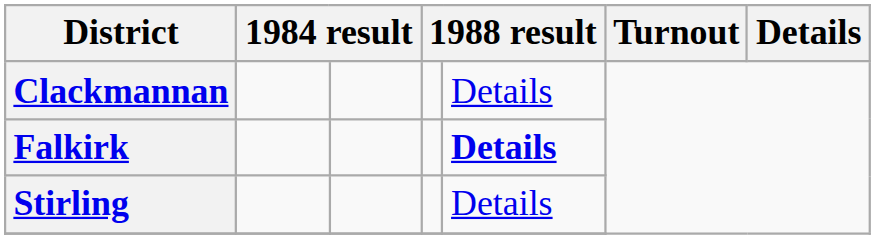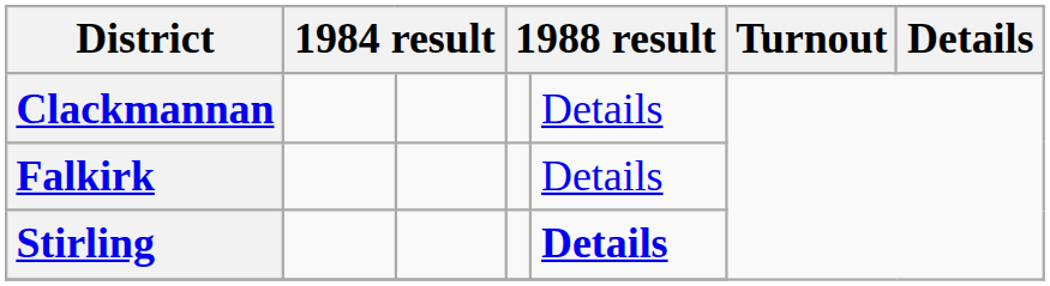 <table class="wikitable">
 <tr>
 <th scope="col">District</th>
 <th scope="col" colspan="2">1984 result</th>
 <th scope="col" colspan="2">1988 result</th>
 <th scope="col">Turnout</th>
 <th scope="col">Details</th>
 </tr>
 <tr>
 <th scope="row" style="text-align: left;"><a href='#'>Clackmannan</a></th>
 <td></td>
 <td></td>
 <td></td>
 <td><a href='#'>Details</a></td>
 </tr>
 <tr>
 <th scope="row" style="text-align: left;"><a href='#'>Falkirk</a></th>
 <td></td>
 <td></td>
 <td></td>
-<td><strong><a href='#'>Details</a></strong></td>
+<td><a href='#'>Details</a></td>
 </tr>
 <tr>
 <th scope="row" style="text-align: left;"><a href='#'>Stirling</a></th>
 <td></td>
 <td></td>
 <td></td>
-<td><a href='#'>Details</a></td>
+<td><strong><a href='#'>Details</a></strong></td>
 </tr>
 <tr>
 </tr>
 </table>
